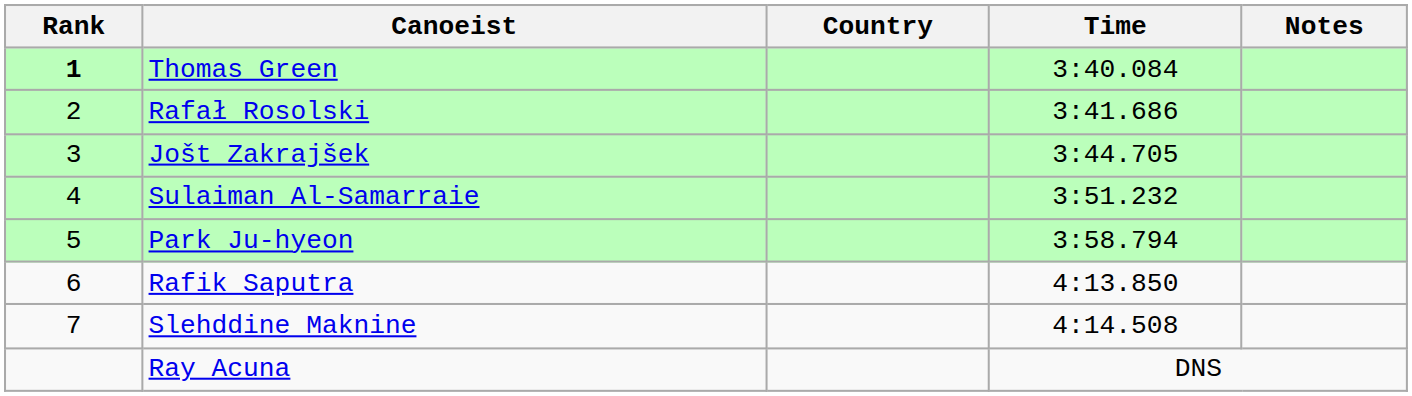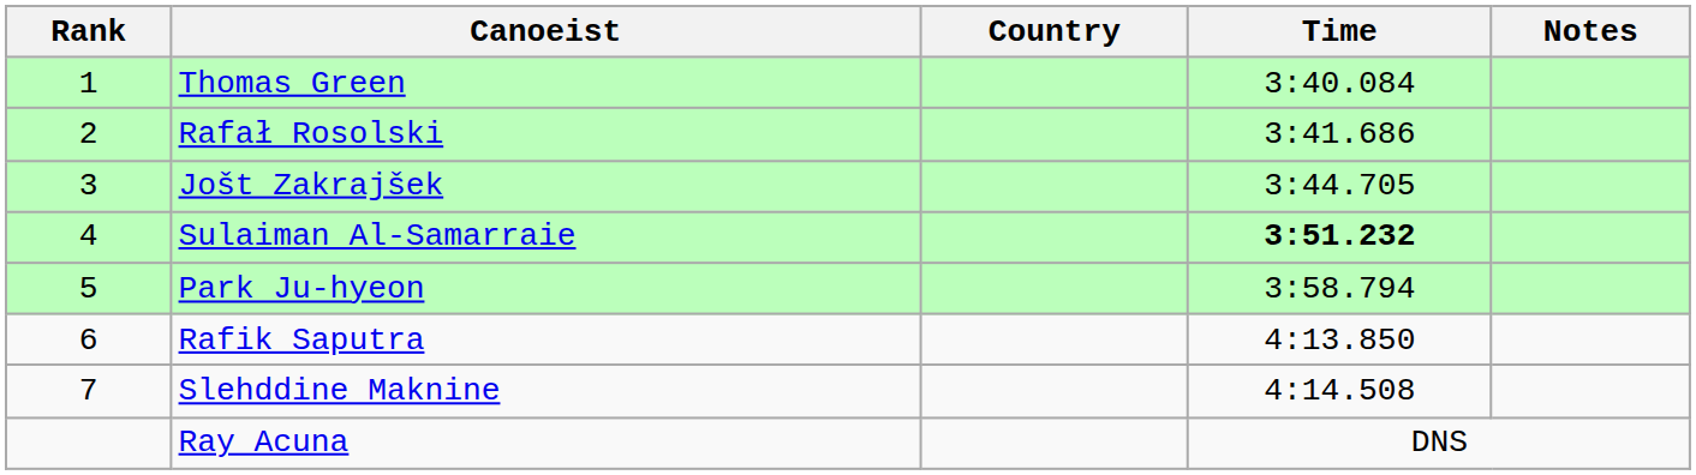 <table class="wikitable" style="text-align:center;width: 55%">
 <tr>
 <th>Rank</th>
 <th>Canoeist</th>
 <th>Country</th>
 <th>Time</th>
 <th>Notes</th>
 </tr>
 <tr bgcolor=bbffbb>
-<td><strong>1</strong></td>
+<td>1</td>
 <td align="left"><a href='#'>Thomas Green</a></td>
 <td align="left"></td>
 <td>3:40.084</td>
 <td></td>
 </tr>
 <tr bgcolor=bbffbb>
 <td>2</td>
 <td align="left"><a href='#'>Rafał Rosolski</a></td>
 <td align="left"></td>
 <td>3:41.686</td>
 <td></td>
 </tr>
 <tr bgcolor=bbffbb>
 <td>3</td>
 <td align="left"><a href='#'>Jošt Zakrajšek</a></td>
 <td align="left"></td>
 <td>3:44.705</td>
 <td></td>
 </tr>
 <tr bgcolor=bbffbb>
 <td>4</td>
 <td align="left"><a href='#'>Sulaiman Al-Samarraie</a></td>
 <td align="left"></td>
-<td>3:51.232</td>
+<td><strong>3:51.232</strong></td>
 <td></td>
 </tr>
 <tr bgcolor=bbffbb>
 <td>5</td>
 <td align="left"><a href='#'>Park Ju-hyeon</a></td>
 <td align="left"></td>
 <td>3:58.794</td>
 <td></td>
 </tr>
 <tr>
 <td>6</td>
 <td align="left"><a href='#'>Rafik Saputra</a></td>
 <td align="left"></td>
 <td>4:13.850</td>
 <td></td>
 </tr>
 <tr>
 <td>7</td>
 <td align="left"><a href='#'>Slehddine Maknine</a></td>
 <td align="left"></td>
 <td>4:14.508</td>
 <td></td>
 </tr>
 <tr>
 <td></td>
 <td align="left"><a href='#'>Ray Acuna</a></td>
 <td align="left"></td>
 <td colspan=2>DNS</td>
 </tr>
 </table>
